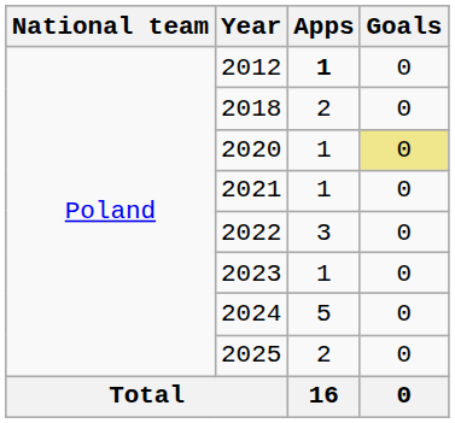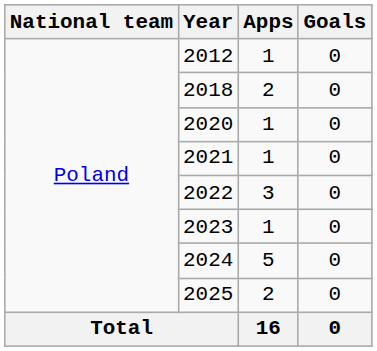 <table class="wikitable" style="text-align:center">
 <tr>
 <th>National team</th>
 <th>Year</th>
 <th>Apps</th>
 <th>Goals</th>
 </tr>
 <tr>
 <td rowspan="8"><a href='#'>Poland</a></td>
 <td>2012</td>
-<td><strong>1</strong></td>
+<td>1</td>
 <td>0</td>
 </tr>
 <tr>
 <td>2018</td>
 <td>2</td>
 <td>0</td>
 </tr>
 <tr>
 <td>2020</td>
 <td>1</td>
-<td style="background: khaki;">0</td>
+<td>0</td>
 </tr>
 <tr>
 <td>2021</td>
 <td>1</td>
 <td>0</td>
 </tr>
 <tr>
 <td>2022</td>
 <td>3</td>
 <td>0</td>
 </tr>
 <tr>
 <td>2023</td>
 <td>1</td>
 <td>0</td>
 </tr>
 <tr>
 <td>2024</td>
 <td>5</td>
 <td>0</td>
 </tr>
 <tr>
 <td>2025</td>
 <td>2</td>
 <td>0</td>
 </tr>
 <tr>
 <th colspan="2">Total</th>
 <th>16</th>
 <th>0</th>
 </tr>
 </table>
